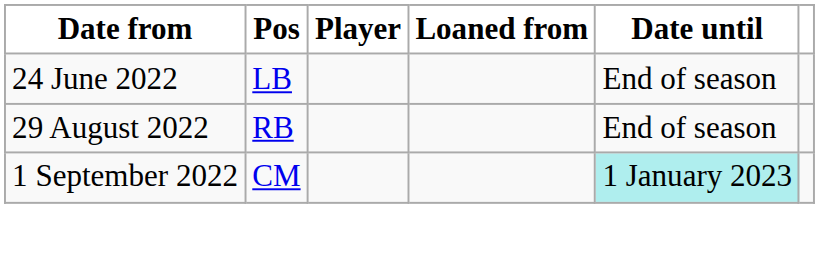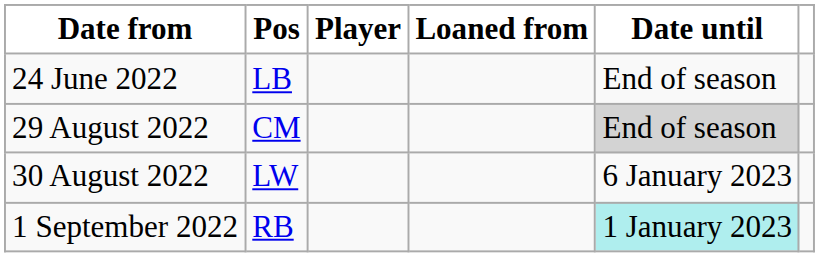 <table class="wikitable plainrowheaders sortable">
 <tr>
 <th style="background-color:#FFFFFF; color:#000000; ">Date from</th>
 <th style="background-color:#FFFFFF; color:#000000; ">Pos</th>
 <th style="background-color:#FFFFFF; color:#000000; ">Player</th>
 <th style="background-color:#FFFFFF; color:#000000; ">Loaned from</th>
 <th style="background-color:#FFFFFF; color:#000000; ">Date until</th>
 <th style="background-color:#FFFFFF; color:#000000; "></th>
 </tr>
 <tr>
 <td>24 June 2022</td>
 <td><a href='#'>LB</a></td>
 <td></td>
 <td></td>
 <td>End of season</td>
 <td></td>
 </tr>
 <tr>
 <td>29 August 2022</td>
-<td><a href='#'>RB</a></td>
+<td><a href='#'>CM</a></td>
 <td></td>
 <td></td>
-<td>End of season</td>
+<td style="background: lightgrey;">End of season</td>
+<td></td>
+</tr>
+<tr>
+<td>30 August 2022</td>
+<td><a href='#'>LW</a></td>
+<td></td>
+<td></td>
+<td>6 January 2023</td>
 <td></td>
 </tr>
 <tr>
 <td>1 September 2022</td>
-<td><a href='#'>CM</a></td>
+<td><a href='#'>RB</a></td>
 <td></td>
 <td></td>
 <td style="background: paleturquoise;">1 January 2023</td>
 <td></td>
 </tr>
 </table>
